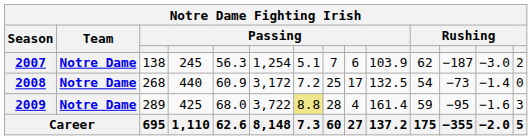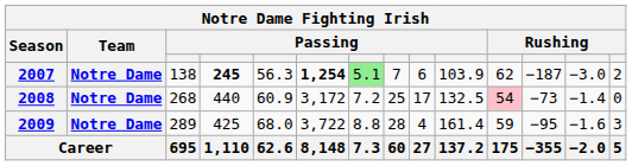 <table class="wikitable" style="text-align:center;">
 <tr>
 <th colspan="16">Notre Dame Fighting Irish</th>
 </tr>
 <tr>
 <th rowspan="2">Season</th>
 <th rowspan="2">Team</th>
 <th colspan="8">Passing</th>
 <th colspan="4">Rushing</th>
 </tr>
 <tr>
 <th></th>
 <th></th>
 <th></th>
 <th></th>
 <th></th>
 <th></th>
 <th></th>
 <th></th>
 <th></th>
 <th></th>
 <th></th>
 <th></th>
 </tr>
 <tr>
 <th><a href='#'>2007</a></th>
 <th><a href='#'>Notre Dame</a></th>
 <td>138</td>
-<td>245</td>
+<td><strong>245</strong></td>
 <td>56.3</td>
-<td>1,254</td>
-<td>5.1</td>
+<td><strong>1,254</strong></td>
+<td style="background: lightgreen;">5.1</td>
 <td>7</td>
 <td>6</td>
 <td>103.9</td>
 <td>62</td>
 <td>−187</td>
 <td>−3.0</td>
 <td>2</td>
 </tr>
 <tr>
 <th><a href='#'>2008</a></th>
 <th><a href='#'>Notre Dame</a></th>
 <td>268</td>
 <td>440</td>
 <td>60.9</td>
 <td>3,172</td>
 <td>7.2</td>
 <td>25</td>
 <td>17</td>
 <td>132.5</td>
-<td>54</td>
+<td style="background: pink;">54</td>
 <td>−73</td>
 <td>−1.4</td>
 <td>0</td>
 </tr>
 <tr>
 <th><a href='#'>2009</a></th>
 <th><a href='#'>Notre Dame</a></th>
 <td>289</td>
 <td>425</td>
 <td>68.0</td>
 <td>3,722</td>
-<td style="background: khaki;">8.8</td>
+<td>8.8</td>
 <td>28</td>
 <td>4</td>
 <td>161.4</td>
 <td>59</td>
 <td>−95</td>
 <td>−1.6</td>
 <td>3</td>
 </tr>
 <tr>
 <th colspan="2">Career</th>
 <th>695</th>
 <th>1,110</th>
 <th>62.6</th>
 <th>8,148</th>
 <th>7.3</th>
 <th>60</th>
 <th>27</th>
 <th>137.2</th>
 <th>175</th>
 <th>−355</th>
 <th>−2.0</th>
 <th>5</th>
 </tr>
 </table>
